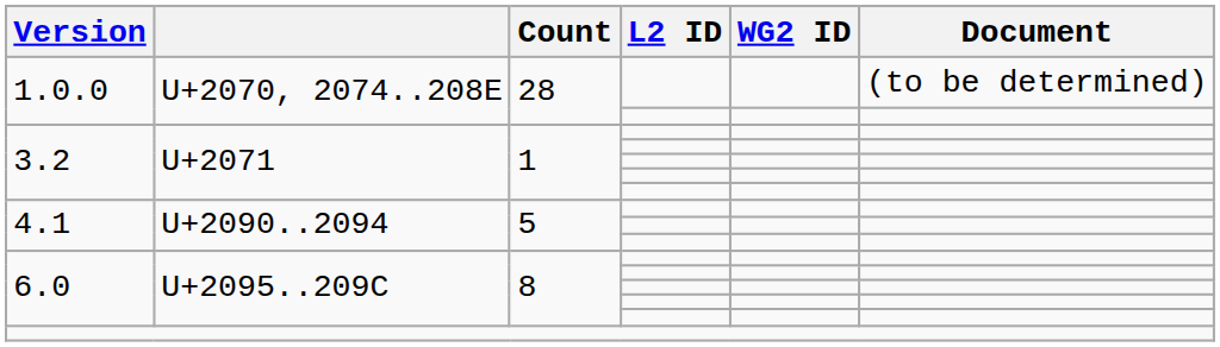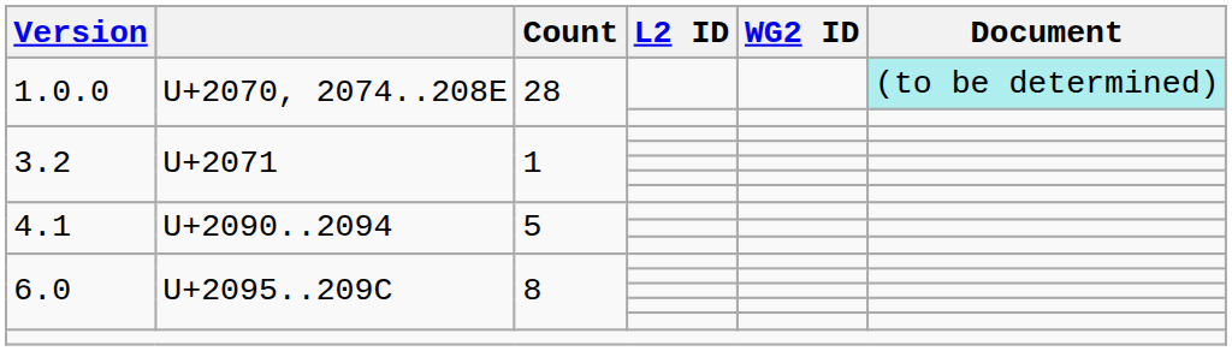 <table class="wikitable sticky-header">
 <tr>
 <th><a href='#'>Version</a></th>
 <th></th>
 <th>Count</th>
 <th><a href='#'>L2</a> ID</th>
 <th><a href='#'>WG2</a> ID</th>
 <th>Document</th>
 </tr>
 <tr>
 <td rowspan="2">1.0.0</td>
 <td rowspan="2">U+2070, 2074..208E</td>
 <td rowspan="2">28</td>
 <td></td>
 <td></td>
-<td>(to be determined)</td>
+<td style="background: paleturquoise;">(to be determined)</td>
 </tr>
 <tr>
 <td></td>
 <td></td>
 <td></td>
 </tr>
 <tr>
 <td rowspan="5">3.2</td>
 <td rowspan="5">U+2071</td>
 <td rowspan="5">1</td>
 <td></td>
 <td></td>
 <td></td>
 </tr>
 <tr>
 <td></td>
 <td></td>
 <td></td>
 </tr>
 <tr>
 <td></td>
 <td></td>
 <td></td>
 </tr>
 <tr>
 <td></td>
 <td></td>
 <td></td>
 </tr>
 <tr>
 <td></td>
 <td></td>
 <td></td>
 </tr>
 <tr>
 <td rowspan="3">4.1</td>
 <td rowspan="3">U+2090..2094</td>
 <td rowspan="3">5</td>
 <td></td>
 <td></td>
 <td></td>
 </tr>
 <tr>
 <td></td>
 <td></td>
 <td></td>
 </tr>
 <tr>
 <td></td>
 <td></td>
 <td></td>
 </tr>
 <tr>
 <td rowspan="5">6.0</td>
 <td rowspan="5">U+2095..209C</td>
 <td rowspan="5">8</td>
 <td></td>
 <td></td>
 <td></td>
 </tr>
 <tr>
 <td></td>
 <td></td>
 <td></td>
 </tr>
 <tr>
 <td></td>
 <td></td>
 <td></td>
 </tr>
 <tr>
 <td></td>
 <td></td>
 <td></td>
 </tr>
 <tr>
 <td></td>
 <td></td>
 <td></td>
 </tr>
 <tr class="sortbottom">
 <td colspan="6"></td>
 </tr>
 </table>
